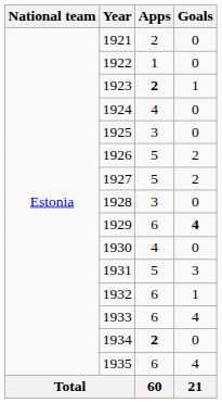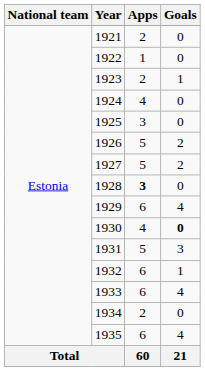 <table class=wikitable style=text-align:center>
 <tr>
 <th>National team</th>
 <th>Year</th>
 <th>Apps</th>
 <th>Goals</th>
 </tr>
 <tr>
 <td rowspan=16><a href='#'>Estonia</a></td>
 </tr>
 <tr>
 <td>1921</td>
 <td>2</td>
 <td>0</td>
 </tr>
 <tr>
 <td>1922</td>
 <td>1</td>
 <td>0</td>
 </tr>
 <tr>
 <td>1923</td>
-<td><strong>2</strong></td>
+<td>2</td>
 <td>1</td>
 </tr>
 <tr>
 <td>1924</td>
 <td>4</td>
 <td>0</td>
 </tr>
 <tr>
 <td>1925</td>
 <td>3</td>
 <td>0</td>
 </tr>
 <tr>
 <td>1926</td>
 <td>5</td>
 <td>2</td>
 </tr>
 <tr>
 <td>1927</td>
 <td>5</td>
 <td>2</td>
 </tr>
 <tr>
 <td>1928</td>
-<td>3</td>
+<td><strong>3</strong></td>
 <td>0</td>
 </tr>
 <tr>
 <td>1929</td>
 <td>6</td>
-<td><strong>4</strong></td>
+<td>4</td>
 </tr>
 <tr>
 <td>1930</td>
 <td>4</td>
-<td>0</td>
+<td><strong>0</strong></td>
 </tr>
 <tr>
 <td>1931</td>
 <td>5</td>
 <td>3</td>
 </tr>
 <tr>
 <td>1932</td>
 <td>6</td>
 <td>1</td>
 </tr>
 <tr>
 <td>1933</td>
 <td>6</td>
 <td>4</td>
 </tr>
 <tr>
 <td>1934</td>
-<td><strong>2</strong></td>
+<td>2</td>
 <td>0</td>
 </tr>
 <tr>
 <td>1935</td>
 <td>6</td>
 <td>4</td>
 </tr>
 <tr>
 <th colspan=2>Total</th>
 <th>60</th>
 <th>21</th>
 </tr>
 </table>
